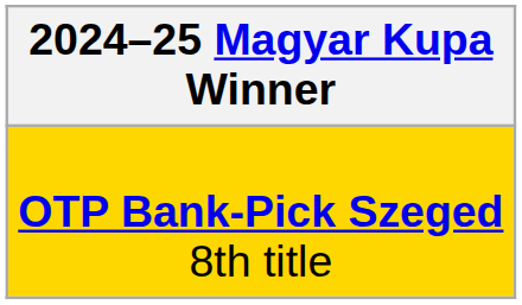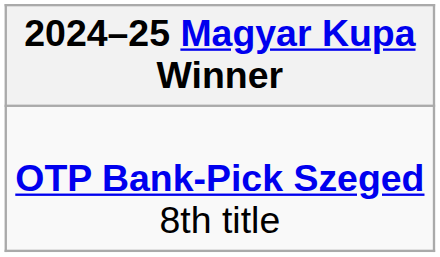 <table class=wikitable style="text-align:center; margin:auto">
 <tr>
 <th>2024–25 <a href='#'>Magyar Kupa</a><br>Winner</th>
 </tr>
 <tr>
-<td align=center style="background: gold;"><br><strong><a href='#'>OTP Bank-Pick Szeged</a></strong><br>8th title</td>
+<td align=center><br><strong><a href='#'>OTP Bank-Pick Szeged</a></strong><br>8th title</td>
 </tr>
 </table>
